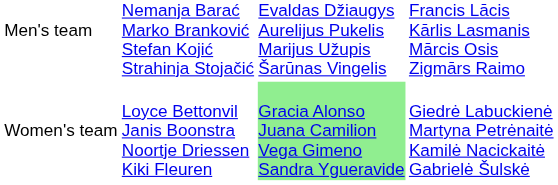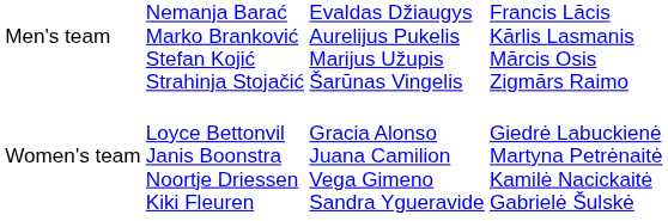 <table>
 <tr>
 <td>Men's team<br><em></td>
 <td><br><a href='#'>Nemanja Barać</a><br><a href='#'>Marko Branković</a><br><a href='#'>Stefan Kojić</a><br><a href='#'>Strahinja Stojačić</a></td>
 <td><br><a href='#'>Evaldas Džiaugys</a><br><a href='#'>Aurelijus Pukelis</a><br><a href='#'>Marijus Užupis</a><br><a href='#'>Šarūnas Vingelis</a></td>
 <td><br><a href='#'>Francis Lācis</a><br><a href='#'>Kārlis Lasmanis</a><br><a href='#'>Mārcis Osis</a><br><a href='#'>Zigmārs Raimo</a></td>
 </tr>
 <tr>
 <td>Women's team<br></em></td>
 <td><br><a href='#'>Loyce Bettonvil</a><br><a href='#'>Janis Boonstra</a><br><a href='#'>Noortje Driessen</a><br><a href='#'>Kiki Fleuren</a></td>
-<td style="background: lightgreen;"><br><a href='#'>Gracia Alonso</a><br><a href='#'>Juana Camilion</a><br><a href='#'>Vega Gimeno</a><br><a href='#'>Sandra Ygueravide</a></td>
+<td><br><a href='#'>Gracia Alonso</a><br><a href='#'>Juana Camilion</a><br><a href='#'>Vega Gimeno</a><br><a href='#'>Sandra Ygueravide</a></td>
 <td><br><a href='#'>Giedrė Labuckienė</a><br><a href='#'>Martyna Petrėnaitė</a><br><a href='#'>Kamilė Nacickaitė</a><br><a href='#'>Gabrielė Šulskė</a></td>
 </tr>
 </table>
